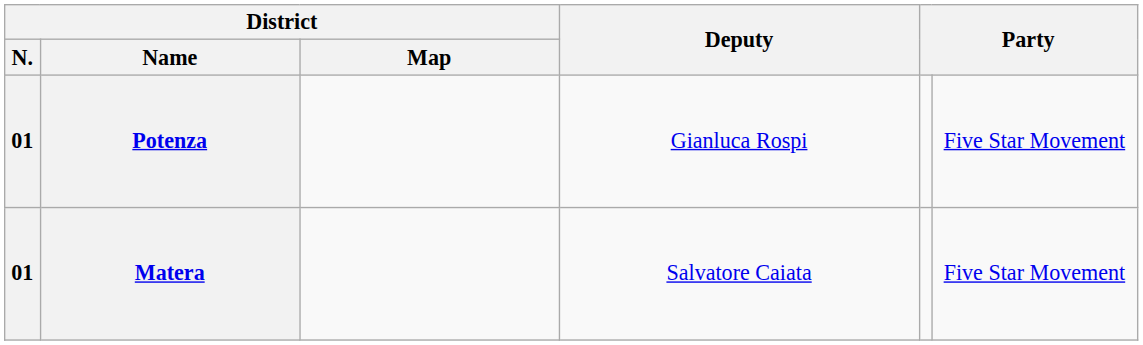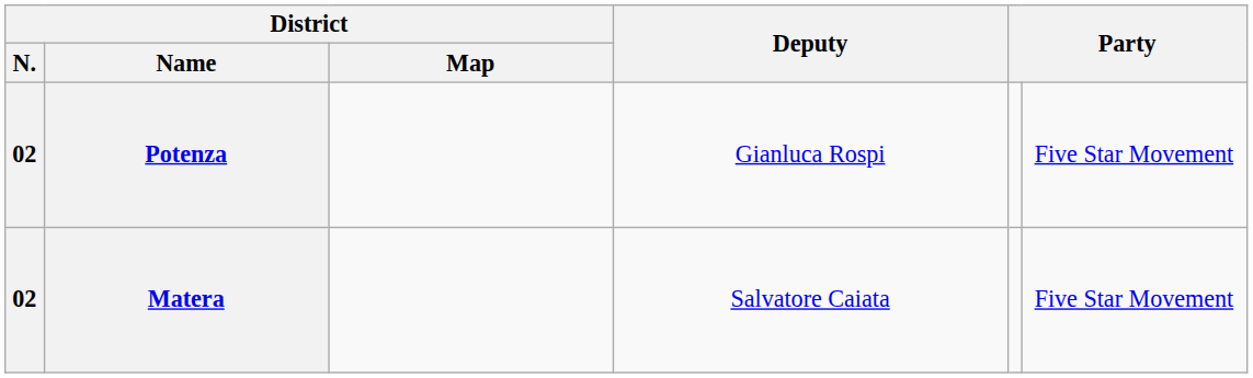 <table class="wikitable" style="text-align:center; style="width=65%">
 <tr>
 <th width=35% colspan="3">District</th>
 <th width=25% rowspan="2">Deputy</th>
 <th width=15% colspan="2" rowspan="2">Party</th>
 </tr>
 <tr>
 <th width=1%>N.</th>
 <th width=18%>Name</th>
 <th width=18%>Map</th>
 </tr>
 <tr style="height:6em;">
-<th>01</th>
+<th>02</th>
 <th><a href='#'>Potenza</a></th>
 <td></td>
 <td><a href='#'>Gianluca Rospi</a></td>
 <td style="background:"></td>
 <td><a href='#'>Five Star Movement</a></td>
 </tr>
 <tr style="height:6em;">
-<th>01</th>
+<th>02</th>
 <th><a href='#'>Matera</a></th>
 <td></td>
 <td><a href='#'>Salvatore Caiata</a></td>
 <td style="background:"></td>
 <td colspan=3><a href='#'>Five Star Movement</a></td>
 </tr>
 </table>
